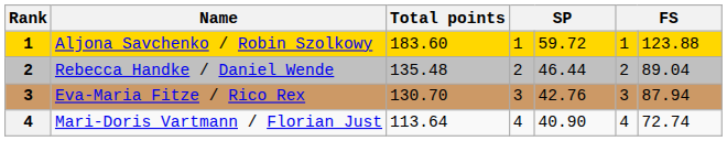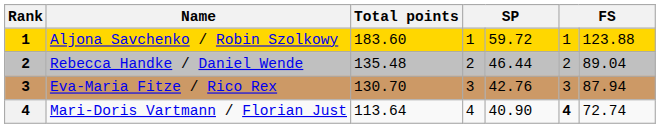 <table class="wikitable">
 <tr>
 <th>Rank</th>
 <th>Name</th>
 <th>Total points</th>
 <th colspan="2" width="80px">SP</th>
 <th colspan="2" width="80px">FS</th>
 </tr>
 <tr bgcolor="gold">
 <td align="center"><strong>1</strong></td>
 <td><a href='#'>Aljona Savchenko</a> / <a href='#'>Robin Szolkowy</a></td>
 <td>183.60</td>
 <td>1</td>
 <td>59.72</td>
 <td>1</td>
 <td>123.88</td>
 </tr>
 <tr bgcolor="silver">
 <td align="center"><strong>2</strong></td>
 <td><a href='#'>Rebecca Handke</a> / <a href='#'>Daniel Wende</a></td>
 <td>135.48</td>
 <td>2</td>
 <td>46.44</td>
 <td>2</td>
 <td>89.04</td>
 </tr>
 <tr bgcolor="cc9966">
 <td align="center"><strong>3</strong></td>
 <td><a href='#'>Eva-Maria Fitze</a> / <a href='#'>Rico Rex</a></td>
 <td>130.70</td>
 <td>3</td>
 <td>42.76</td>
 <td>3</td>
 <td>87.94</td>
 </tr>
 <tr>
 <th>4</th>
 <td><a href='#'>Mari-Doris Vartmann</a> / <a href='#'>Florian Just</a></td>
 <td>113.64</td>
 <td>4</td>
 <td>40.90</td>
-<td>4</td>
+<td><strong>4</strong></td>
 <td>72.74</td>
 </tr>
 </table>
